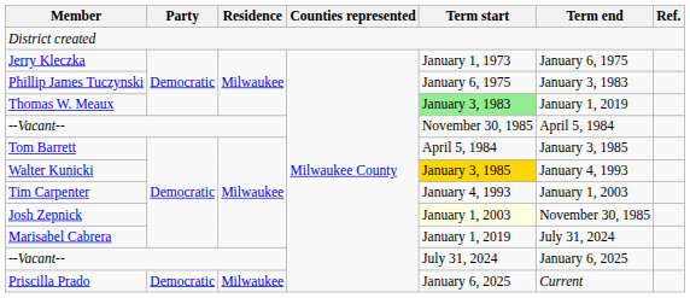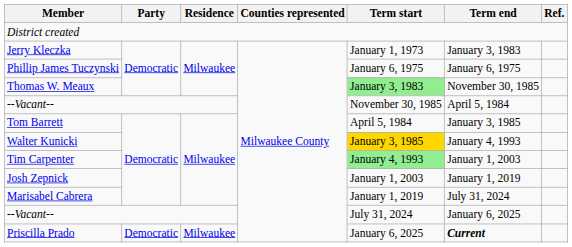 <table class="wikitable">
 <tr>
 <th>Member</th>
 <th>Party</th>
 <th>Residence</th>
 <th>Counties represented</th>
 <th>Term start</th>
 <th>Term end</th>
 <th>Ref.</th>
 </tr>
 <tr>
 <td colspan="7"><em>District created</em></td>
 </tr>
 <tr>
 <td><a href='#'>Jerry Kleczka</a></td>
 <td rowspan="3" ><a href='#'>Democratic</a></td>
 <td rowspan="3"><a href='#'>Milwaukee</a></td>
 <td rowspan="11"><a href='#'>Milwaukee County</a></td>
 <td>January 1, 1973</td>
-<td>January 6, 1975</td>
+<td>January 3, 1983</td>
 <td></td>
 </tr>
 <tr>
 <td><a href='#'>Phillip James Tuczynski</a></td>
 <td>January 6, 1975</td>
-<td>January 3, 1983</td>
+<td>January 6, 1975</td>
 <td></td>
 </tr>
 <tr>
 <td><a href='#'>Thomas W. Meaux</a></td>
 <td style="background: lightgreen;">January 3, 1983</td>
-<td>January 1, 2019</td>
+<td>November 30, 1985</td>
 <td></td>
 </tr>
 <tr>
 <td colspan="3"><em>--Vacant--</em></td>
 <td>November 30, 1985</td>
 <td>April 5, 1984</td>
 <td></td>
 </tr>
 <tr>
 <td><a href='#'>Tom Barrett</a></td>
 <td rowspan="5" ><a href='#'>Democratic</a></td>
 <td rowspan="5"><a href='#'>Milwaukee</a></td>
 <td>April 5, 1984</td>
 <td>January 3, 1985</td>
 <td></td>
 </tr>
 <tr>
 <td><a href='#'>Walter Kunicki</a></td>
 <td style="background: gold;">January 3, 1985</td>
 <td>January 4, 1993</td>
 <td></td>
 </tr>
 <tr>
 <td><a href='#'>Tim Carpenter</a></td>
-<td>January 4, 1993</td>
+<td style="background: lightgreen;">January 4, 1993</td>
 <td>January 1, 2003</td>
 <td></td>
 </tr>
 <tr>
 <td><a href='#'>Josh Zepnick</a></td>
-<td style="background: lightyellow;">January 1, 2003</td>
-<td>November 30, 1985</td>
+<td>January 1, 2003</td>
+<td>January 1, 2019</td>
 <td></td>
 </tr>
 <tr>
 <td><a href='#'>Marisabel Cabrera</a></td>
 <td>January 1, 2019</td>
 <td>July 31, 2024</td>
 <td></td>
 </tr>
 <tr>
 <td colspan="3"><em>--Vacant--</em></td>
 <td>July 31, 2024</td>
 <td>January 6, 2025</td>
 <td></td>
 </tr>
 <tr>
 <td><a href='#'>Priscilla Prado</a></td>
 <td><a href='#'>Democratic</a></td>
 <td><a href='#'>Milwaukee</a></td>
 <td>January 6, 2025</td>
-<td><em>Current</em></td>
+<td><strong><em>Current</em></strong></td>
 <td></td>
 </tr>
 </table>
